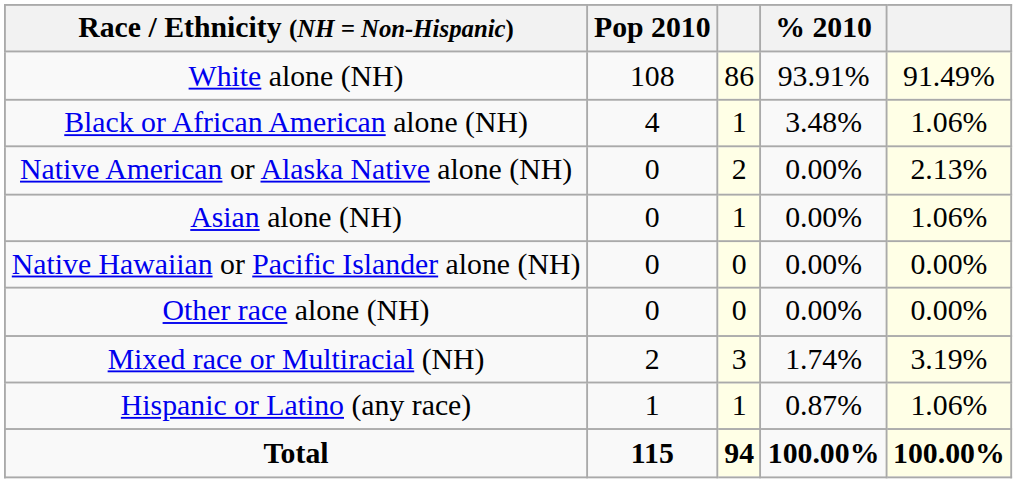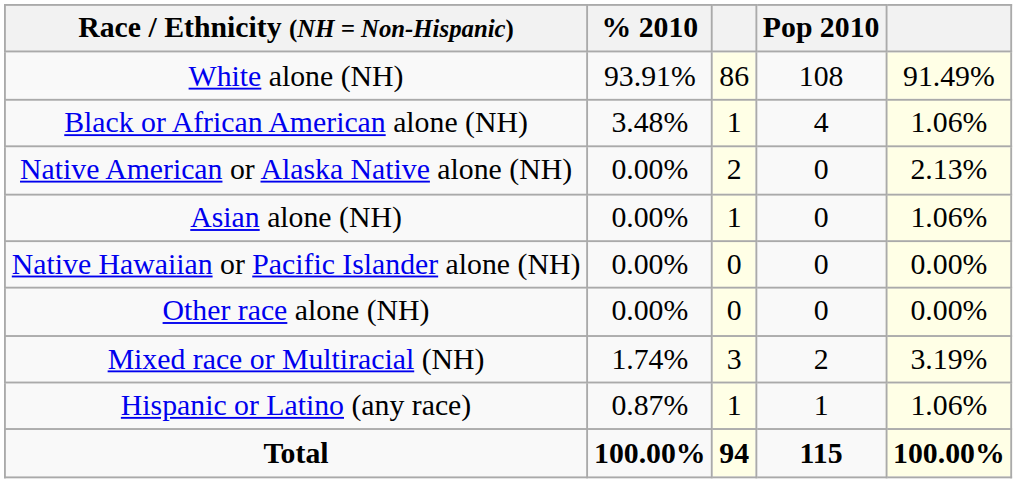 <table class="wikitable" style="text-align:center;">
 <tr>
 <th>Race / Ethnicity <small>(<em>NH = Non-Hispanic</em>)</small></th>
+<th>% 2010</th>
+<th></th>
 <th>Pop 2010</th>
-<th></th>
-<th>% 2010</th>
 <th></th>
 </tr>
 <tr>
 <td><a href='#'>White</a> alone (NH)</td>
+<td>93.91%</td>
+<td style='background: #ffffe6;'>86</td>
 <td>108</td>
-<td style='background: #ffffe6;'>86</td>
-<td>93.91%</td>
 <td style='background: #ffffe6;'>91.49%</td>
 </tr>
 <tr>
 <td><a href='#'>Black or African American</a> alone (NH)</td>
+<td>3.48%</td>
+<td style='background: #ffffe6;'>1</td>
 <td>4</td>
-<td style='background: #ffffe6;'>1</td>
-<td>3.48%</td>
 <td style='background: #ffffe6;'>1.06%</td>
 </tr>
 <tr>
 <td><a href='#'>Native American</a> or <a href='#'>Alaska Native</a> alone (NH)</td>
+<td>0.00%</td>
+<td style='background: #ffffe6;'>2</td>
 <td>0</td>
-<td style='background: #ffffe6;'>2</td>
-<td>0.00%</td>
 <td style='background: #ffffe6;'>2.13%</td>
 </tr>
 <tr>
 <td><a href='#'>Asian</a> alone (NH)</td>
+<td>0.00%</td>
+<td style='background: #ffffe6;'>1</td>
 <td>0</td>
-<td style='background: #ffffe6;'>1</td>
-<td>0.00%</td>
 <td style='background: #ffffe6;'>1.06%</td>
 </tr>
 <tr>
 <td><a href='#'>Native Hawaiian</a> or <a href='#'>Pacific Islander</a> alone (NH)</td>
+<td>0.00%</td>
+<td style='background: #ffffe6;'>0</td>
 <td>0</td>
-<td style='background: #ffffe6;'>0</td>
-<td>0.00%</td>
 <td style='background: #ffffe6;'>0.00%</td>
 </tr>
 <tr>
 <td><a href='#'>Other race</a> alone (NH)</td>
+<td>0.00%</td>
+<td style='background: #ffffe6;'>0</td>
 <td>0</td>
-<td style='background: #ffffe6;'>0</td>
-<td>0.00%</td>
 <td style='background: #ffffe6;'>0.00%</td>
 </tr>
 <tr>
 <td><a href='#'>Mixed race or Multiracial</a> (NH)</td>
+<td>1.74%</td>
+<td style='background: #ffffe6;'>3</td>
 <td>2</td>
-<td style='background: #ffffe6;'>3</td>
-<td>1.74%</td>
 <td style='background: #ffffe6;'>3.19%</td>
 </tr>
 <tr>
 <td><a href='#'>Hispanic or Latino</a> (any race)</td>
+<td>0.87%</td>
+<td style='background: #ffffe6;'>1</td>
 <td>1</td>
-<td style='background: #ffffe6;'>1</td>
-<td>0.87%</td>
 <td style='background: #ffffe6;'>1.06%</td>
 </tr>
 <tr>
 <td><strong>Total</strong></td>
+<td><strong>100.00%</strong></td>
+<td style='background: #ffffe6;'><strong>94</strong></td>
 <td><strong>115</strong></td>
-<td style='background: #ffffe6;'><strong>94</strong></td>
-<td><strong>100.00%</strong></td>
 <td style='background: #ffffe6;'><strong>100.00%</strong></td>
 </tr>
 </table>
